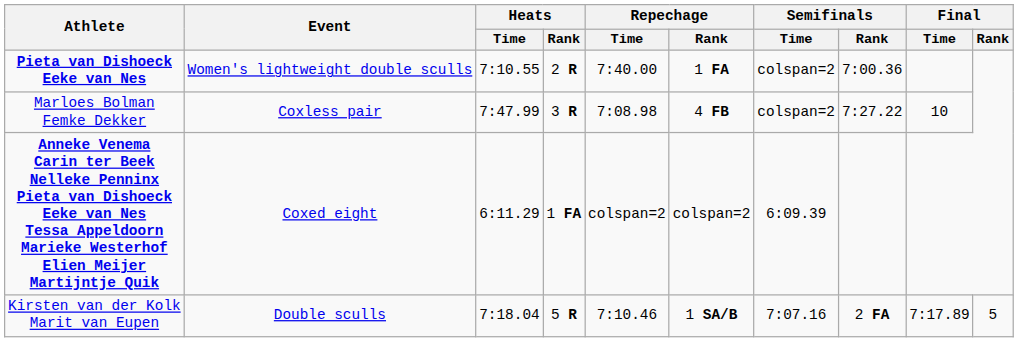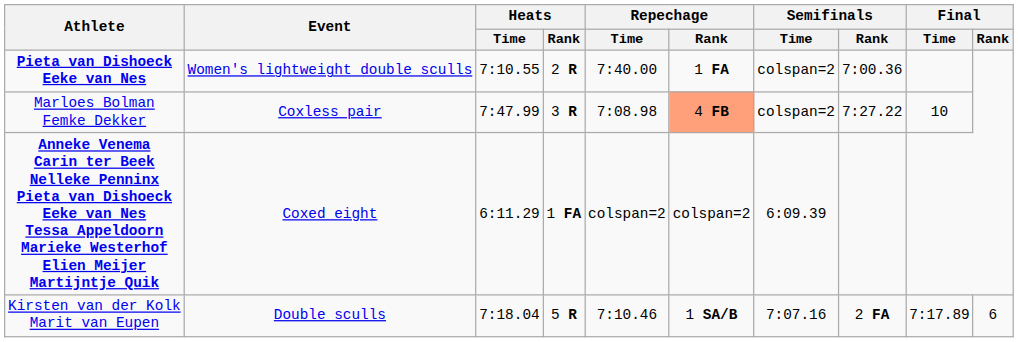 <table class="wikitable" style="font-size:90%;">
 <tr>
 <th rowspan="2">Athlete</th>
 <th rowspan="2">Event</th>
 <th colspan="2">Heats</th>
 <th colspan="2">Repechage</th>
 <th colspan="2">Semifinals</th>
 <th colspan="2">Final</th>
 </tr>
 <tr style="font-size:95%">
 <th>Time</th>
 <th>Rank</th>
 <th>Time</th>
 <th>Rank</th>
 <th>Time</th>
 <th>Rank</th>
 <th>Time</th>
 <th>Rank</th>
 </tr>
 <tr align=center>
 <td><strong><a href='#'>Pieta van Dishoeck</a><br><a href='#'>Eeke van Nes</a></strong></td>
 <td><a href='#'>Women's lightweight double sculls</a></td>
 <td>7:10.55</td>
 <td>2 <strong>R</strong></td>
 <td>7:40.00</td>
 <td>1 <strong>FA</strong></td>
 <td>colspan=2 </td>
 <td>7:00.36</td>
 <td></td>
 </tr>
 <tr align=center>
 <td><a href='#'>Marloes Bolman</a><br><a href='#'>Femke Dekker</a></td>
 <td><a href='#'>Coxless pair</a></td>
 <td>7:47.99</td>
 <td>3 <strong>R</strong></td>
 <td>7:08.98</td>
-<td>4 <strong>FB</strong></td>
+<td style="background: lightsalmon;">4 <strong>FB</strong></td>
 <td>colspan=2 </td>
 <td>7:27.22</td>
 <td>10</td>
 </tr>
 <tr align=center>
 <td><strong><a href='#'>Anneke Venema</a><br><a href='#'>Carin ter Beek</a><br><a href='#'>Nelleke Penninx</a><br><a href='#'>Pieta van Dishoeck</a><br><a href='#'>Eeke van Nes</a><br><a href='#'>Tessa Appeldoorn</a><br><a href='#'>Marieke Westerhof</a><br><a href='#'>Elien Meijer</a><br><a href='#'>Martijntje Quik</a></strong></td>
 <td><a href='#'>Coxed eight</a></td>
 <td>6:11.29</td>
 <td>1 <strong>FA</strong></td>
 <td>colspan=2 </td>
 <td>colspan=2 </td>
 <td>6:09.39</td>
 <td></td>
 </tr>
 <tr align=center>
 <td><a href='#'>Kirsten van der Kolk</a><br><a href='#'>Marit van Eupen</a></td>
 <td><a href='#'>Double sculls</a></td>
 <td>7:18.04</td>
 <td>5 <strong>R</strong></td>
 <td>7:10.46</td>
 <td>1 <strong>SA/B</strong></td>
 <td>7:07.16</td>
 <td>2 <strong>FA</strong></td>
 <td>7:17.89</td>
-<td>5</td>
+<td>6</td>
 </tr>
 </table>
